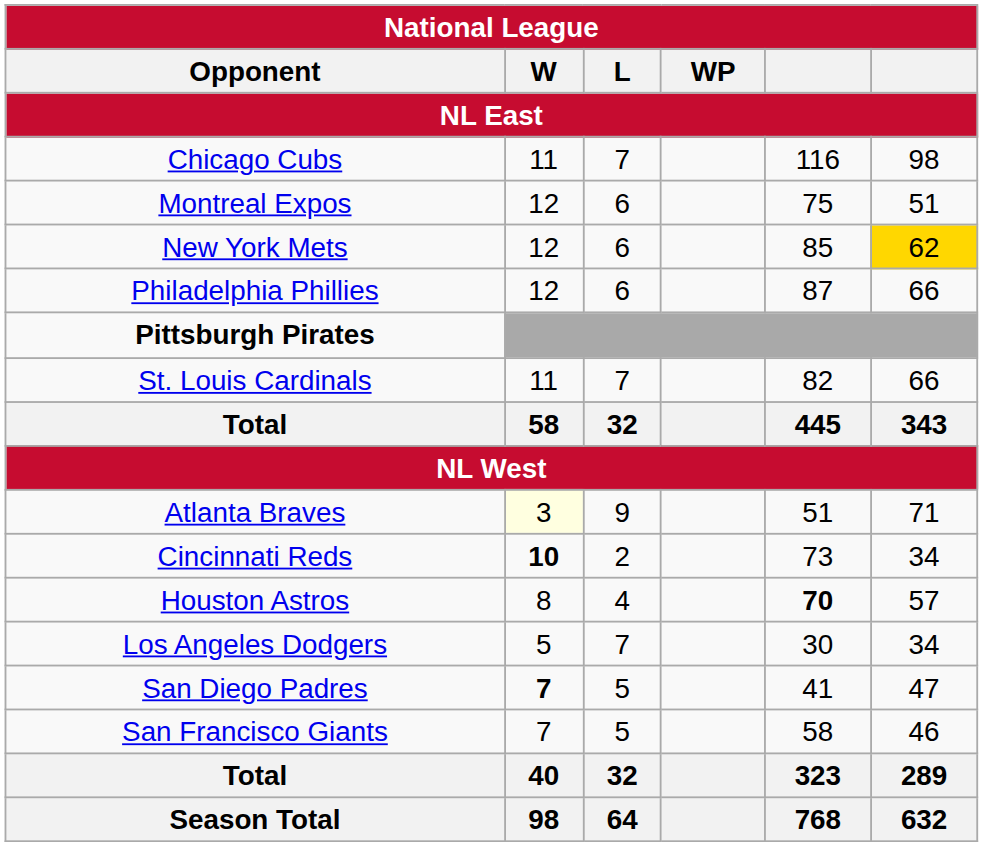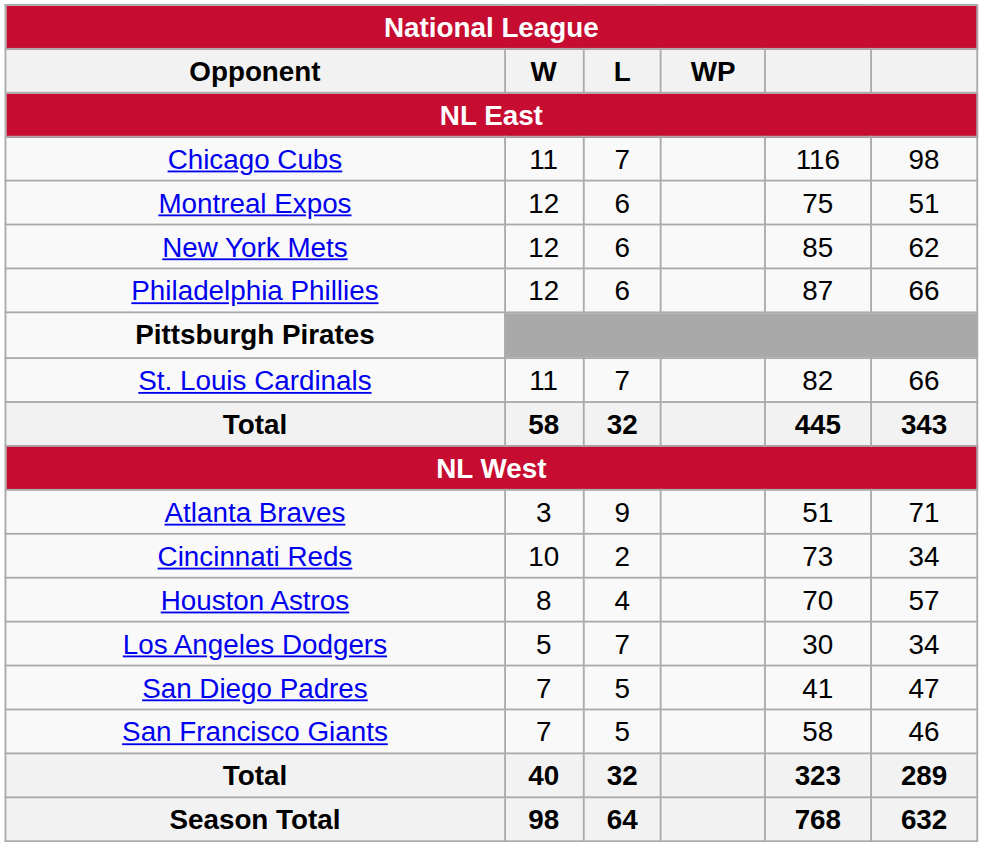 <table class="wikitable" style="font-size:95%; text-align:center; width:35em;margin:0.5em auto;">
 <tr>
 <th colspan="7" style="background:#c60c30; color:#ffffff;">National League</th>
 </tr>
 <tr>
 <th>Opponent</th>
 <th>W</th>
 <th>L</th>
 <th>WP</th>
 <th></th>
 <th></th>
 </tr>
 <tr>
 <th colspan="7" style="background:#c60c30; color:#ffffff;">NL East</th>
 </tr>
 <tr>
 <td><a href='#'>Chicago Cubs</a></td>
 <td>11</td>
 <td>7</td>
 <td></td>
 <td>116</td>
 <td>98</td>
 </tr>
 <tr>
 <td><a href='#'>Montreal Expos</a></td>
 <td>12</td>
 <td>6</td>
 <td></td>
 <td>75</td>
 <td>51</td>
 </tr>
 <tr>
 <td><a href='#'>New York Mets</a></td>
 <td>12</td>
 <td>6</td>
 <td></td>
 <td>85</td>
-<td style="background: gold;">62</td>
+<td>62</td>
 </tr>
 <tr>
 <td><a href='#'>Philadelphia Phillies</a></td>
 <td>12</td>
 <td>6</td>
 <td></td>
 <td>87</td>
 <td>66</td>
 </tr>
 <tr>
 <td><strong>Pittsburgh Pirates</strong></td>
 <td colspan=5 style="background:darkgray;"></td>
 </tr>
 <tr>
 <td><a href='#'>St. Louis Cardinals</a></td>
 <td>11</td>
 <td>7</td>
 <td></td>
 <td>82</td>
 <td>66</td>
 </tr>
 <tr>
 <th>Total</th>
 <th>58</th>
 <th>32</th>
 <th></th>
 <th>445</th>
 <th>343</th>
 </tr>
 <tr>
 <th colspan="7" style="background:#c60c30; color:#ffffff;">NL West</th>
 </tr>
 <tr>
 <td><a href='#'>Atlanta Braves</a></td>
-<td style="background: lightyellow;">3</td>
+<td>3</td>
 <td>9</td>
 <td></td>
 <td>51</td>
 <td>71</td>
 </tr>
 <tr>
 <td><a href='#'>Cincinnati Reds</a></td>
-<td><strong>10</strong></td>
+<td>10</td>
 <td>2</td>
 <td></td>
 <td>73</td>
 <td>34</td>
 </tr>
 <tr>
 <td><a href='#'>Houston Astros</a></td>
 <td>8</td>
 <td>4</td>
 <td></td>
-<td><strong>70</strong></td>
+<td>70</td>
 <td>57</td>
 </tr>
 <tr>
 <td><a href='#'>Los Angeles Dodgers</a></td>
 <td>5</td>
 <td>7</td>
 <td></td>
 <td>30</td>
 <td>34</td>
 </tr>
 <tr>
 <td><a href='#'>San Diego Padres</a></td>
-<td><strong>7</strong></td>
+<td>7</td>
 <td>5</td>
 <td></td>
 <td>41</td>
 <td>47</td>
 </tr>
 <tr>
 <td><a href='#'>San Francisco Giants</a></td>
 <td>7</td>
 <td>5</td>
 <td></td>
 <td>58</td>
 <td>46</td>
 </tr>
 <tr>
 <th>Total</th>
 <th>40</th>
 <th>32</th>
 <th></th>
 <th>323</th>
 <th>289</th>
 </tr>
 <tr>
 <th>Season Total</th>
 <th>98</th>
 <th>64</th>
 <th></th>
 <th>768</th>
 <th>632</th>
 </tr>
 </table>
